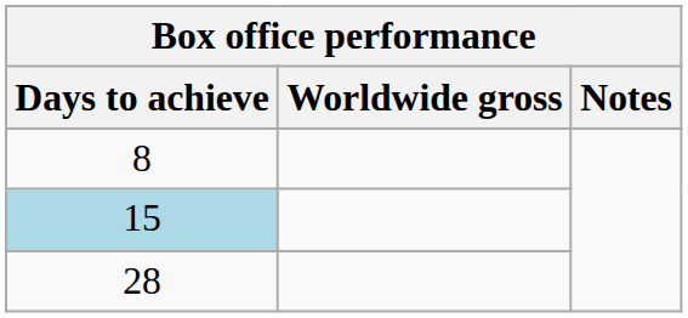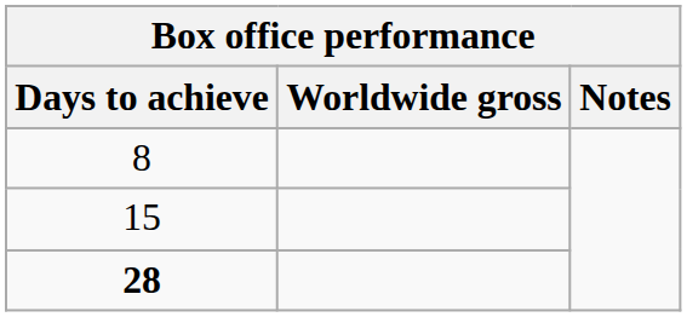 <table class="wikitable">
 <tr>
 <th colspan="3" scope="col"><strong>Box office performance</strong></th>
 </tr>
 <tr>
 <th>Days to achieve</th>
 <th>Worldwide gross</th>
 <th>Notes</th>
 </tr>
 <tr style align="center">
 <td>8</td>
 <td></td>
 <td rowspan="3"></td>
 </tr>
 <tr style align="center">
-<td style="background: lightblue;">15</td>
+<td>15</td>
 <td></td>
 </tr>
 <tr style align="center">
-<td>28</td>
+<td><strong>28</strong></td>
 <td></td>
 </tr>
 </table>
